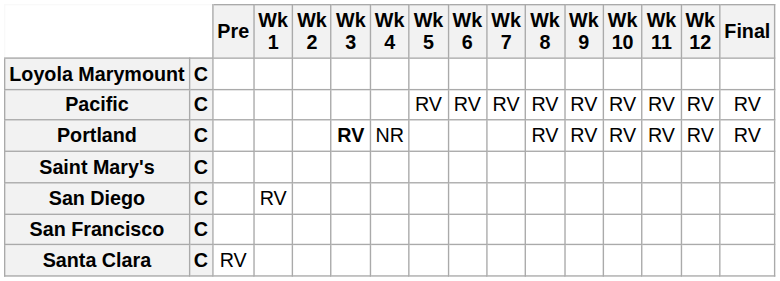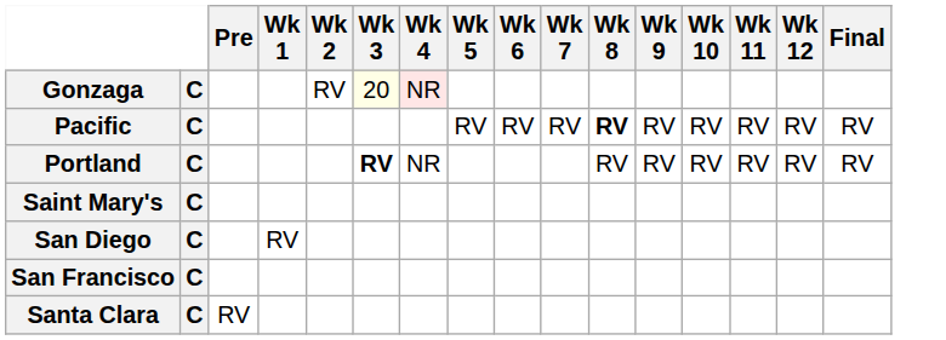 <table class="wikitable" style="white-space:nowrap;font-size:90%;">
 <tr>
 <th colspan=2 style="background:white; border-top-style:hidden; border-left-style:hidden;"> </th>
 <th>Pre</th>
 <th>Wk<br>1</th>
 <th>Wk<br>2</th>
 <th>Wk<br>3</th>
 <th>Wk<br>4</th>
 <th>Wk<br>5</th>
 <th>Wk<br>6</th>
 <th>Wk<br>7</th>
 <th>Wk<br>8</th>
 <th>Wk<br>9</th>
 <th>Wk<br>10</th>
 <th>Wk<br>11</th>
 <th>Wk<br>12</th>
 <th>Final</th>
 </tr>
 <tr style="text-align:center;">
-<th style="background:#">Loyola Marymount</th>
+<th style="background:#">Gonzaga</th>
 <th>C</th>
 <td style="background:#FFF;"></td>
 <td style="background:#FFF;"></td>
-<td style="background:#FFF;"></td>
-<td style="background:#FFF;"></td>
-<td style="background:#FFF;"></td>
+<td style="background:#FFF;"> RV</td>
+<td style="background:#FFFFE6;"> 20</td>
+<td style="background:#FFE6E6;"> NR</td>
 <td style="background:#FFF;"></td>
 <td style="background:#FFF;"></td>
 <td style="background:#FFF;"></td>
 <td style="background:#FFF;"></td>
 <td style="background:#FFF;"></td>
 <td style="background:#FFF;"></td>
 <td style="background:#FFF;"></td>
 <td style="background:#FFF;"></td>
 <td style="background:#FFF;"></td>
 </tr>
 <tr style="text-align:center;">
 <th style="background:#">Pacific</th>
 <th>C</th>
 <td style="background:#FFF;"></td>
 <td style="background:#FFF;"></td>
 <td style="background:#FFF;"></td>
 <td style="background:#FFF;"></td>
 <td style="background:#FFF;"></td>
 <td style="background:#FFF;"> RV</td>
 <td style="background:#FFF;"> RV</td>
 <td style="background:#FFF;"> RV</td>
-<td style="background:#FFF;"> RV</td>
+<td style="background:#FFF;"><strong> RV</strong></td>
 <td style="background:#FFF;"> RV</td>
 <td style="background:#FFF;"> RV</td>
 <td style="background:#FFF;"> RV</td>
 <td style="background:#FFF;"> RV</td>
 <td style="background:#FFF;"> RV</td>
 </tr>
 <tr style="text-align:center;">
 <th style="background:#">Portland</th>
 <th>C</th>
 <td style="background:#FFF;"></td>
 <td style="background:#FFF;"></td>
 <td style="background:#FFF;"></td>
 <td style="background:#FFF;"><strong> RV</strong></td>
 <td style="background:#FFF;"> NR</td>
 <td style="background:#FFF;"></td>
 <td style="background:#FFF;"></td>
 <td style="background:#FFF;"></td>
 <td style="background:#FFF;"> RV</td>
 <td style="background:#FFF;"> RV</td>
 <td style="background:#FFF;"> RV</td>
 <td style="background:#FFF;"> RV</td>
 <td style="background:#FFF;"> RV</td>
 <td style="background:#FFF;"> RV</td>
 </tr>
 <tr style="text-align:center;">
 <th style="background:#">Saint Mary's</th>
 <th>C</th>
 <td style="background:#FFF;"></td>
 <td style="background:#FFF;"></td>
 <td style="background:#FFF;"></td>
 <td style="background:#FFF;"></td>
 <td style="background:#FFF;"></td>
 <td style="background:#FFF;"></td>
 <td style="background:#FFF;"></td>
 <td style="background:#FFF;"></td>
 <td style="background:#FFF;"></td>
 <td style="background:#FFF;"></td>
 <td style="background:#FFF;"></td>
 <td style="background:#FFF;"></td>
 <td style="background:#FFF;"></td>
 <td style="background:#FFF;"></td>
 </tr>
 <tr style="text-align:center;">
 <th style="background:#">San Diego</th>
 <th>C</th>
 <td style="background:#FFF;"></td>
 <td style="background:#FFF;"> RV</td>
 <td style="background:#FFF;"></td>
 <td style="background:#FFF;"></td>
 <td style="background:#FFF;"></td>
 <td style="background:#FFF;"></td>
 <td style="background:#FFF;"></td>
 <td style="background:#FFF;"></td>
 <td style="background:#FFF;"></td>
 <td style="background:#FFF;"></td>
 <td style="background:#FFF;"></td>
 <td style="background:#FFF;"></td>
 <td style="background:#FFF;"></td>
 <td style="background:#FFF;"></td>
 </tr>
 <tr style="text-align:center;">
 <th style="background:#">San Francisco</th>
 <th>C</th>
 <td style="background:#FFF;"></td>
 <td style="background:#FFF;"></td>
 <td style="background:#FFF;"></td>
 <td style="background:#FFF;"></td>
 <td style="background:#FFF;"></td>
 <td style="background:#FFF;"></td>
 <td style="background:#FFF;"></td>
 <td style="background:#FFF;"></td>
 <td style="background:#FFF;"></td>
 <td style="background:#FFF;"></td>
 <td style="background:#FFF;"></td>
 <td style="background:#FFF;"></td>
 <td style="background:#FFF;"></td>
 <td style="background:#FFF;"></td>
 </tr>
 <tr style="text-align:center;">
 <th style="background:#">Santa Clara</th>
 <th>C</th>
 <td style="background:#FFF;"> RV</td>
 <td style="background:#FFF;"></td>
 <td style="background:#FFF;"></td>
 <td style="background:#FFF;"></td>
 <td style="background:#FFF;"></td>
 <td style="background:#FFF;"></td>
 <td style="background:#FFF;"></td>
 <td style="background:#FFF;"></td>
 <td style="background:#FFF;"></td>
 <td style="background:#FFF;"></td>
 <td style="background:#FFF;"></td>
 <td style="background:#FFF;"></td>
 <td style="background:#FFF;"></td>
 <td style="background:#FFF;"></td>
 </tr>
 </table>
